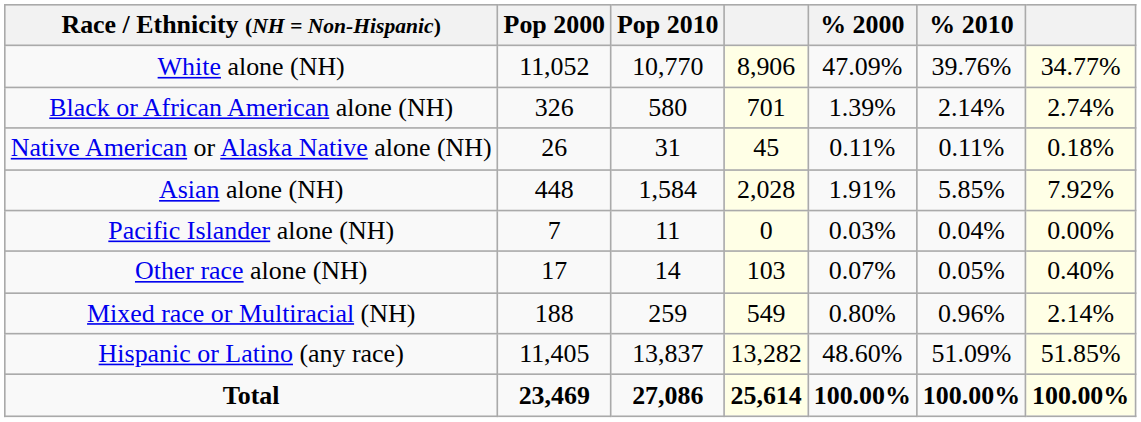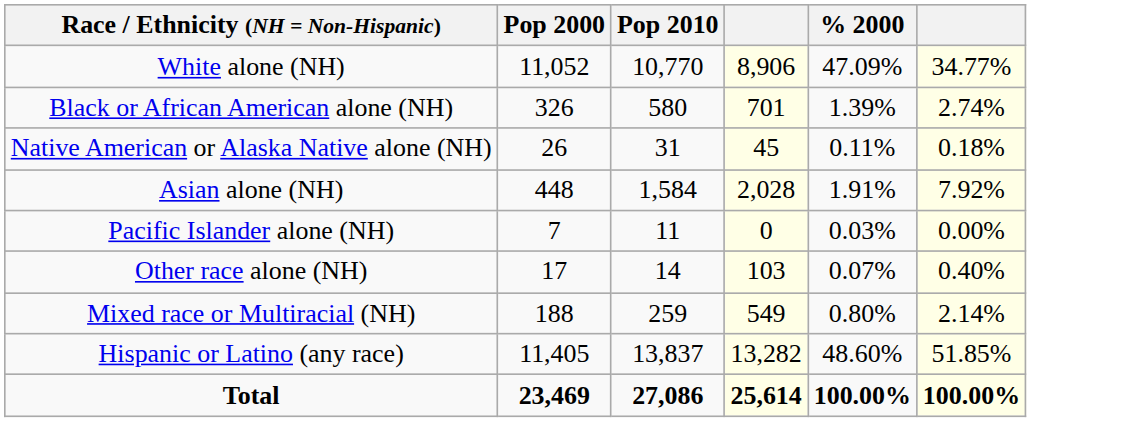 <table class="wikitable" style="text-align:center;">
 <tr>
 <th>Race / Ethnicity <small>(<em>NH = Non-Hispanic</em>)</small></th>
 <th>Pop 2000</th>
 <th>Pop 2010</th>
 <th></th>
 <th>% 2000</th>
-<th>% 2010</th>
 <th></th>
 </tr>
 <tr>
 <td><a href='#'>White</a> alone (NH)</td>
 <td>11,052</td>
 <td>10,770</td>
 <td style='background: #ffffe6;'>8,906</td>
 <td>47.09%</td>
-<td>39.76%</td>
 <td style='background: #ffffe6;'>34.77%</td>
 </tr>
 <tr>
 <td><a href='#'>Black or African American</a> alone (NH)</td>
 <td>326</td>
 <td>580</td>
 <td style='background: #ffffe6;'>701</td>
 <td>1.39%</td>
-<td>2.14%</td>
 <td style='background: #ffffe6;'>2.74%</td>
 </tr>
 <tr>
 <td><a href='#'>Native American</a> or <a href='#'>Alaska Native</a> alone (NH)</td>
 <td>26</td>
 <td>31</td>
 <td style='background: #ffffe6;'>45</td>
-<td>0.11%</td>
 <td>0.11%</td>
 <td style='background: #ffffe6;'>0.18%</td>
 </tr>
 <tr>
 <td><a href='#'>Asian</a> alone (NH)</td>
 <td>448</td>
 <td>1,584</td>
 <td style='background: #ffffe6;'>2,028</td>
 <td>1.91%</td>
-<td>5.85%</td>
 <td style='background: #ffffe6;'>7.92%</td>
 </tr>
 <tr>
 <td><a href='#'>Pacific Islander</a> alone (NH)</td>
 <td>7</td>
 <td>11</td>
 <td style='background: #ffffe6;'>0</td>
 <td>0.03%</td>
-<td>0.04%</td>
 <td style='background: #ffffe6;'>0.00%</td>
 </tr>
 <tr>
 <td><a href='#'>Other race</a> alone (NH)</td>
 <td>17</td>
 <td>14</td>
 <td style='background: #ffffe6;'>103</td>
 <td>0.07%</td>
-<td>0.05%</td>
 <td style='background: #ffffe6;'>0.40%</td>
 </tr>
 <tr>
 <td><a href='#'>Mixed race or Multiracial</a> (NH)</td>
 <td>188</td>
 <td>259</td>
 <td style='background: #ffffe6;'>549</td>
 <td>0.80%</td>
-<td>0.96%</td>
 <td style='background: #ffffe6;'>2.14%</td>
 </tr>
 <tr>
 <td><a href='#'>Hispanic or Latino</a> (any race)</td>
 <td>11,405</td>
 <td>13,837</td>
 <td style='background: #ffffe6;'>13,282</td>
 <td>48.60%</td>
-<td>51.09%</td>
 <td style='background: #ffffe6;'>51.85%</td>
 </tr>
 <tr>
 <td><strong>Total</strong></td>
 <td><strong>23,469</strong></td>
 <td><strong>27,086</strong></td>
 <td style='background: #ffffe6;'><strong>25,614</strong></td>
 <td><strong>100.00%</strong></td>
-<td><strong>100.00%</strong></td>
 <td style='background: #ffffe6;'><strong>100.00%</strong></td>
 </tr>
 </table>
